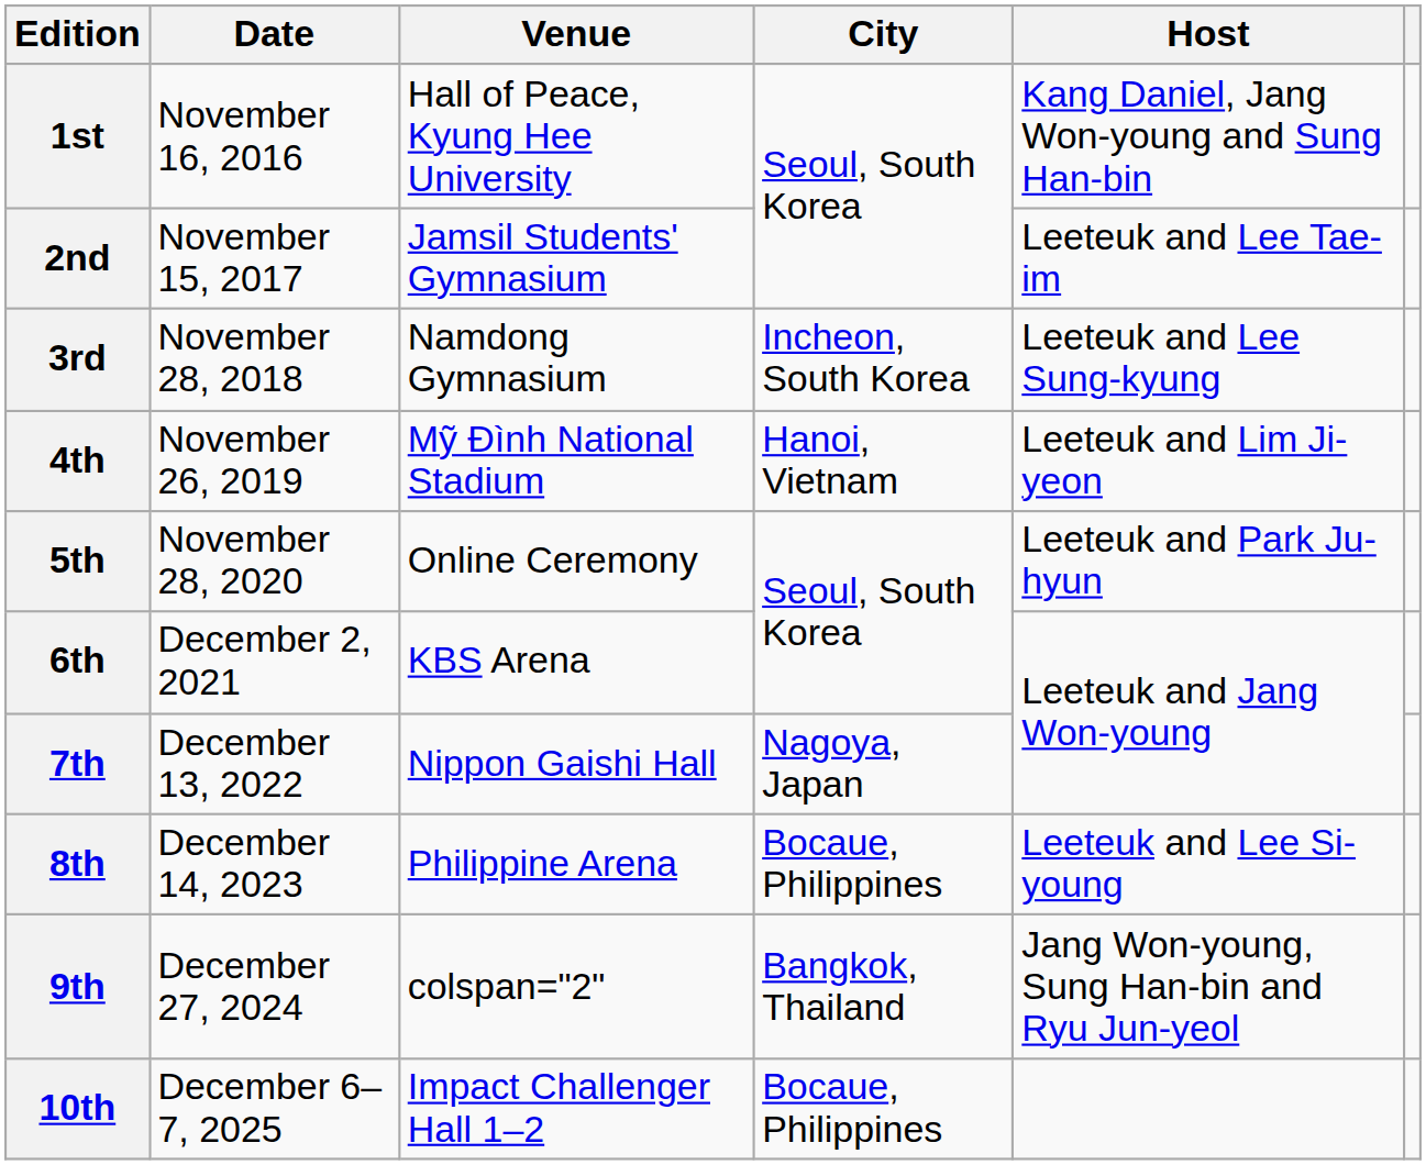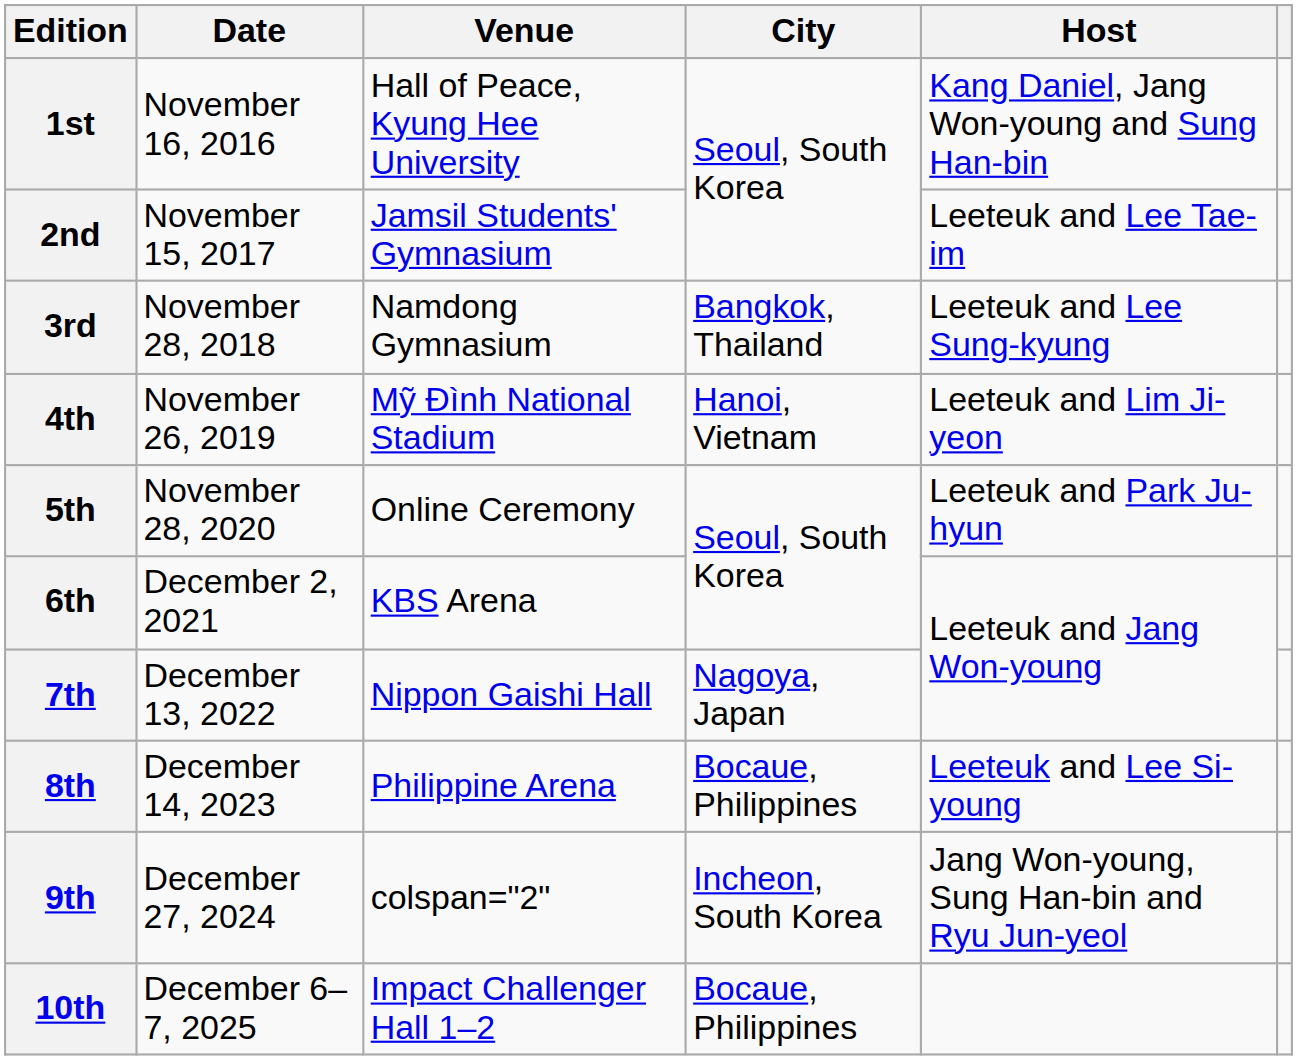 <table class="wikitable plainrowheaders">
 <tr>
 <th scope="col">Edition</th>
 <th scope="col">Date</th>
 <th scope="col">Venue</th>
 <th scope="col">City</th>
 <th scope="col">Host</th>
 <th scope="col" class="unsortable"></th>
 </tr>
 <tr>
 <th scope="row" style="text-align:center">1st</th>
 <td>November 16, 2016</td>
 <td>Hall of Peace, <a href='#'>Kyung Hee University</a></td>
 <td rowspan="2"><a href='#'>Seoul</a>, South Korea</td>
 <td><a href='#'>Kang Daniel</a>, Jang Won-young and <a href='#'>Sung Han-bin</a></td>
 <td style="text-align:center"></td>
 </tr>
 <tr>
 <th scope="row" style="text-align:center">2nd</th>
 <td>November 15, 2017</td>
 <td><a href='#'>Jamsil Students' Gymnasium</a></td>
 <td>Leeteuk and <a href='#'>Lee Tae-im</a></td>
 <td style="text-align:center"></td>
 </tr>
 <tr>
 <th scope="row" style="text-align:center">3rd</th>
 <td>November 28, 2018</td>
 <td>Namdong Gymnasium</td>
-<td><a href='#'>Incheon</a>, South Korea</td>
+<td> <a href='#'>Bangkok</a>, Thailand</td>
 <td>Leeteuk and <a href='#'>Lee Sung-kyung</a></td>
 <td style="text-align:center"></td>
 </tr>
 <tr>
 <th scope="row" style="text-align:center">4th</th>
 <td>November 26, 2019</td>
 <td><a href='#'>Mỹ Đình National Stadium</a></td>
 <td> <a href='#'>Hanoi</a>, Vietnam</td>
 <td>Leeteuk and <a href='#'>Lim Ji-yeon</a></td>
 <td style="text-align:center"></td>
 </tr>
 <tr>
 <th scope="row" style="text-align:center">5th</th>
 <td>November 28, 2020</td>
 <td>Online Ceremony</td>
 <td rowspan="2"><a href='#'>Seoul</a>, South Korea</td>
 <td>Leeteuk and <a href='#'>Park Ju-hyun</a></td>
 <td style="text-align:center"></td>
 </tr>
 <tr>
 <th scope="row" style="text-align:center">6th</th>
 <td>December 2, 2021</td>
 <td><a href='#'>KBS</a> Arena</td>
 <td rowspan="2">Leeteuk and <a href='#'>Jang Won-young</a></td>
 <td style="text-align:center"></td>
 </tr>
 <tr>
 <th scope="row" style="text-align:center"><a href='#'>7th</a></th>
 <td>December 13, 2022</td>
 <td><a href='#'>Nippon Gaishi Hall</a></td>
 <td> <a href='#'>Nagoya</a>, Japan</td>
 <td style="text-align:center"></td>
 </tr>
 <tr>
 <th scope="row" style="text-align:center"><a href='#'>8th</a></th>
 <td>December 14, 2023</td>
 <td><a href='#'>Philippine Arena</a></td>
 <td> <a href='#'>Bocaue</a>, Philippines</td>
 <td><a href='#'>Leeteuk</a> and <a href='#'>Lee Si-young</a></td>
 <td style="text-align:center"></td>
 </tr>
 <tr>
 <th scope="row" style="text-align:center"><a href='#'>9th</a></th>
 <td>December 27, 2024</td>
 <td>colspan="2" </td>
-<td> <a href='#'>Bangkok</a>, Thailand</td>
+<td><a href='#'>Incheon</a>, South Korea</td>
 <td>Jang Won-young, Sung Han-bin and <a href='#'>Ryu Jun-yeol</a></td>
 <td style="text-align:center"></td>
 </tr>
 <tr>
 <th scope="row" style="text-align:center"><a href='#'>10th</a></th>
 <td>December 6–7, 2025</td>
 <td><a href='#'>Impact Challenger Hall 1–2</a></td>
 <td> <a href='#'>Bocaue</a>, Philippines</td>
 <td style="text-align:center"></td>
 </tr>
 </table>
